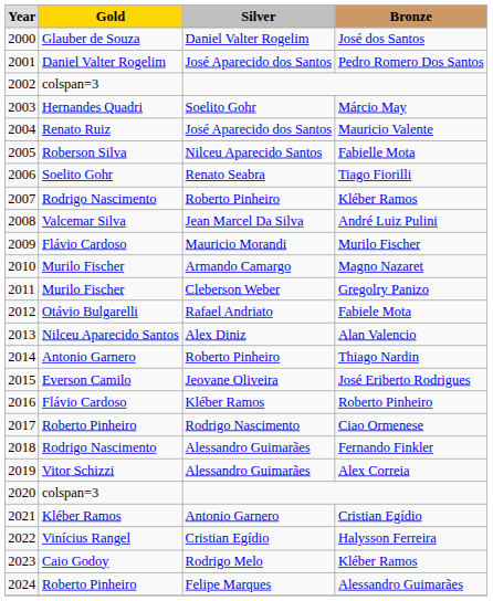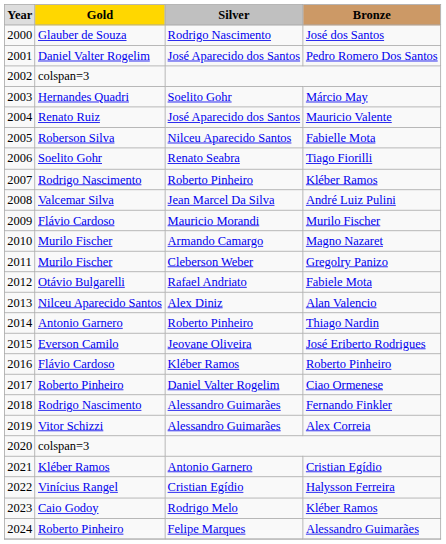 <table class="wikitable sortable alternance" style="font-size:95%">
 <tr style="text-align:center; background:#e4e4e4; font-weight:bold;">
 <td style="background:#ddd; ">Year</td>
 <td style="background:gold; ">Gold</td>
 <td style="background:silver; ">Silver</td>
 <td style="background:#c96; ">Bronze</td>
 </tr>
 <tr>
 <td>2000</td>
 <td><a href='#'>Glauber de Souza</a></td>
-<td><a href='#'>Daniel Valter Rogelim</a></td>
+<td><a href='#'>Rodrigo Nascimento</a></td>
 <td><a href='#'>José dos Santos</a></td>
 </tr>
 <tr>
 <td>2001</td>
 <td><a href='#'>Daniel Valter Rogelim</a></td>
 <td><a href='#'>José Aparecido dos Santos</a></td>
 <td><a href='#'>Pedro Romero Dos Santos</a></td>
 </tr>
 <tr>
 <td>2002</td>
 <td>colspan=3 </td>
 </tr>
 <tr>
 <td>2003</td>
 <td><a href='#'>Hernandes Quadri</a></td>
 <td><a href='#'>Soelito Gohr</a></td>
 <td><a href='#'>Márcio May</a></td>
 </tr>
 <tr>
 <td>2004</td>
 <td><a href='#'>Renato Ruiz</a></td>
 <td><a href='#'>José Aparecido dos Santos</a></td>
 <td><a href='#'>Mauricio Valente</a></td>
 </tr>
 <tr>
 <td>2005</td>
 <td><a href='#'>Roberson Silva</a></td>
 <td><a href='#'>Nilceu Aparecido Santos</a></td>
 <td><a href='#'>Fabielle Mota</a></td>
 </tr>
 <tr>
 <td>2006</td>
 <td><a href='#'>Soelito Gohr</a></td>
 <td><a href='#'>Renato Seabra</a></td>
 <td><a href='#'>Tiago Fiorilli</a></td>
 </tr>
 <tr>
 <td>2007</td>
 <td><a href='#'>Rodrigo Nascimento</a></td>
 <td><a href='#'>Roberto Pinheiro</a></td>
 <td><a href='#'>Kléber Ramos</a></td>
 </tr>
 <tr>
 <td>2008</td>
 <td><a href='#'>Valcemar Silva</a></td>
 <td><a href='#'>Jean Marcel Da Silva</a></td>
 <td><a href='#'>André Luiz Pulini</a></td>
 </tr>
 <tr>
 <td>2009</td>
 <td><a href='#'>Flávio Cardoso</a></td>
 <td><a href='#'>Mauricio Morandi</a></td>
 <td><a href='#'>Murilo Fischer</a></td>
 </tr>
 <tr>
 <td>2010</td>
 <td><a href='#'>Murilo Fischer</a></td>
 <td><a href='#'>Armando Camargo</a></td>
 <td><a href='#'>Magno Nazaret</a></td>
 </tr>
 <tr>
 <td>2011</td>
 <td><a href='#'>Murilo Fischer</a></td>
 <td><a href='#'>Cleberson Weber</a></td>
 <td><a href='#'>Gregolry Panizo</a></td>
 </tr>
 <tr>
 <td>2012</td>
 <td><a href='#'>Otávio Bulgarelli</a></td>
 <td><a href='#'>Rafael Andriato</a></td>
 <td><a href='#'>Fabiele Mota</a></td>
 </tr>
 <tr>
 <td>2013</td>
 <td><a href='#'>Nilceu Aparecido Santos</a></td>
 <td><a href='#'>Alex Diniz</a></td>
 <td><a href='#'>Alan Valencio</a></td>
 </tr>
 <tr>
 <td>2014</td>
 <td><a href='#'>Antonio Garnero</a></td>
 <td><a href='#'>Roberto Pinheiro</a></td>
 <td><a href='#'>Thiago Nardin</a></td>
 </tr>
 <tr>
 <td>2015</td>
 <td><a href='#'>Everson Camilo</a></td>
 <td><a href='#'>Jeovane Oliveira</a></td>
 <td><a href='#'>José Eriberto Rodrigues</a></td>
 </tr>
 <tr>
 <td>2016</td>
 <td><a href='#'>Flávio Cardoso</a></td>
 <td><a href='#'>Kléber Ramos</a></td>
 <td><a href='#'>Roberto Pinheiro</a></td>
 </tr>
 <tr>
 <td>2017</td>
 <td><a href='#'>Roberto Pinheiro</a></td>
-<td><a href='#'>Rodrigo Nascimento</a></td>
+<td><a href='#'>Daniel Valter Rogelim</a></td>
 <td><a href='#'>Ciao Ormenese</a></td>
 </tr>
 <tr>
 <td>2018</td>
 <td><a href='#'>Rodrigo Nascimento</a></td>
 <td><a href='#'>Alessandro Guimarães</a></td>
 <td><a href='#'>Fernando Finkler</a></td>
 </tr>
 <tr>
 <td>2019</td>
 <td><a href='#'>Vitor Schizzi</a></td>
 <td><a href='#'>Alessandro Guimarães</a></td>
 <td><a href='#'>Alex Correia</a></td>
 </tr>
 <tr>
 <td>2020</td>
 <td>colspan=3 </td>
 </tr>
 <tr>
 <td>2021</td>
 <td><a href='#'>Kléber Ramos</a></td>
 <td><a href='#'>Antonio Garnero</a></td>
 <td><a href='#'>Cristian Egídio</a></td>
 </tr>
 <tr>
 <td>2022</td>
 <td><a href='#'>Vinícius Rangel</a></td>
 <td><a href='#'>Cristian Egídio</a></td>
 <td><a href='#'>Halysson Ferreira</a></td>
 </tr>
 <tr>
 <td>2023</td>
 <td><a href='#'>Caio Godoy</a></td>
 <td><a href='#'>Rodrigo Melo</a></td>
 <td><a href='#'>Kléber Ramos</a></td>
 </tr>
 <tr>
 <td>2024</td>
 <td><a href='#'>Roberto Pinheiro</a></td>
 <td><a href='#'>Felipe Marques</a></td>
 <td><a href='#'>Alessandro Guimarães</a></td>
 </tr>
 <tr>
 </tr>
 </table>
